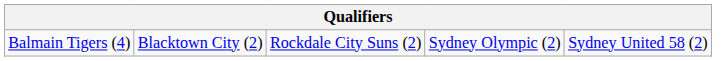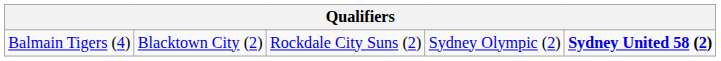 <table class="wikitable" style="text-align:center">
 <tr>
 <th colspan=5>Qualifiers</th>
 </tr>
 <tr>
 <td><a href='#'>Balmain Tigers</a> (<a href='#'>4</a>)</td>
 <td><a href='#'>Blacktown City</a> (<a href='#'>2</a>)</td>
 <td><a href='#'>Rockdale City Suns</a> (<a href='#'>2</a>)</td>
 <td><a href='#'>Sydney Olympic</a> (<a href='#'>2</a>)</td>
-<td><a href='#'>Sydney United 58</a> (<a href='#'>2</a>)</td>
+<td><strong><a href='#'>Sydney United 58</a> (<a href='#'>2</a>)</strong></td>
 </tr>
 </table>
